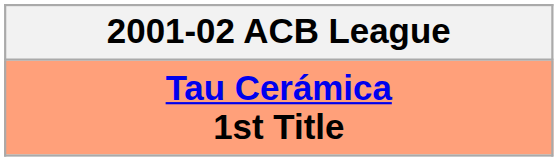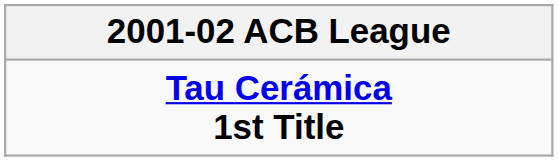 <table class="wikitable" style="margin: 0 auto; width: 20%;">
 <tr>
 <th>2001-02 ACB League</th>
 </tr>
 <tr>
-<td align=center style="background: lightsalmon;"><strong><a href='#'>Tau Cerámica</a></strong><br><strong>1st Title</strong></td>
+<td align=center><strong><a href='#'>Tau Cerámica</a></strong><br><strong>1st Title</strong></td>
 </tr>
 </table>
